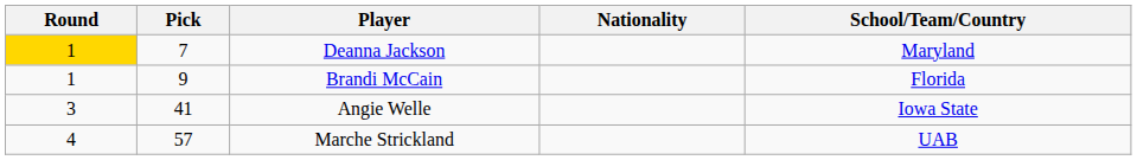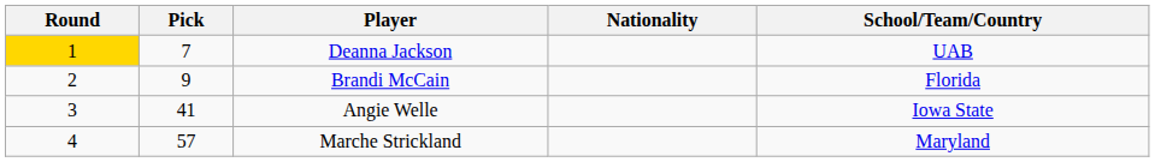 <table class="wikitable" style="text-align:center; width:60em">
 <tr>
 <th>Round</th>
 <th>Pick</th>
 <th>Player</th>
 <th>Nationality</th>
 <th>School/Team/Country</th>
 </tr>
 <tr>
 <td style="background: gold;">1</td>
 <td>7</td>
 <td><a href='#'>Deanna Jackson</a></td>
 <td></td>
-<td><a href='#'>Maryland</a></td>
+<td><a href='#'>UAB</a></td>
 </tr>
 <tr>
-<td>1</td>
+<td>2</td>
 <td>9</td>
 <td><a href='#'>Brandi McCain</a></td>
 <td></td>
 <td><a href='#'>Florida</a></td>
 </tr>
 <tr>
 <td>3</td>
 <td>41</td>
 <td>Angie Welle</td>
 <td></td>
 <td><a href='#'>Iowa State</a></td>
 </tr>
 <tr>
 <td>4</td>
 <td>57</td>
 <td>Marche Strickland</td>
 <td></td>
-<td><a href='#'>UAB</a></td>
+<td><a href='#'>Maryland</a></td>
 </tr>
 </table>
